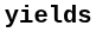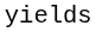 <table>
 <tr>
 <td></td>
 <td></td>
 <td align="center"></td>
 <td></td>
 <td></td>
 <td></td>
 </tr>
 <tr>
-<td><strong>yields  </strong></td>
+<td>yields  </td>
 </tr>
 <tr>
 <td></td>
 <td></td>
 <td></td>
 <td></td>
 <td></td>
 <td></td>
 </tr>
 </table>
